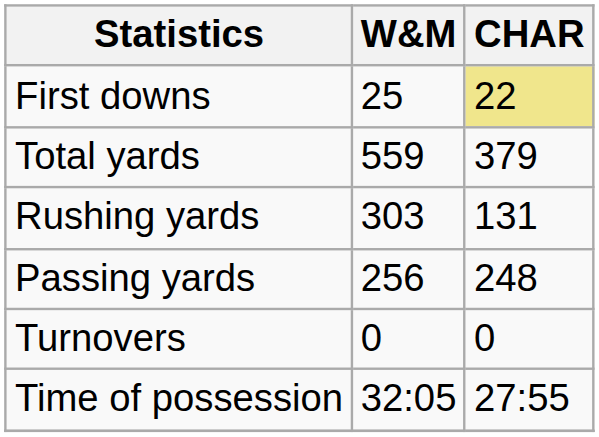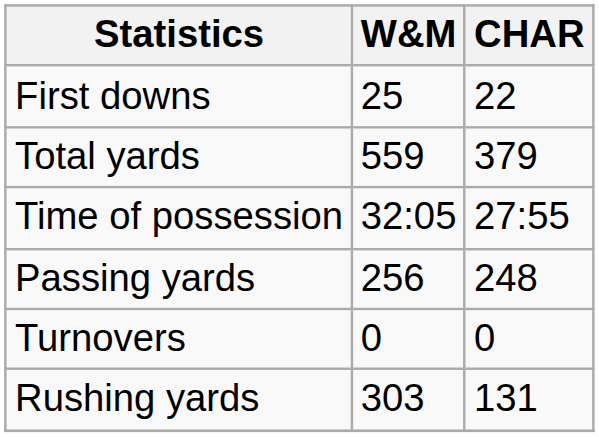 <table class="wikitable" style="float: right;">
 <tr>
 <th>Statistics</th>
 <th>W&M</th>
 <th>CHAR</th>
 </tr>
 <tr>
 <td>First downs</td>
 <td>25</td>
-<td style="background: khaki;">22</td>
+<td>22</td>
 </tr>
 <tr>
 <td>Total yards</td>
 <td>559</td>
 <td>379</td>
 </tr>
 <tr>
-<td>Rushing yards</td>
-<td>303</td>
-<td>131</td>
+<td>Time of possession</td>
+<td>32:05</td>
+<td>27:55</td>
 </tr>
 <tr>
 <td>Passing yards</td>
 <td>256</td>
 <td>248</td>
 </tr>
 <tr>
 <td>Turnovers</td>
 <td>0</td>
 <td>0</td>
 </tr>
 <tr>
-<td>Time of possession</td>
-<td>32:05</td>
-<td>27:55</td>
+<td>Rushing yards</td>
+<td>303</td>
+<td>131</td>
 </tr>
 <tr>
 </tr>
 </table>
